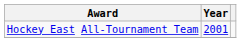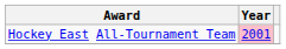 <table class="wikitable">
 <tr>
 <th>Award</th>
 <th>Year</th>
 <th></th>
 </tr>
 <tr>
 <td><a href='#'>Hockey East</a> <a href='#'>All-Tournament Team</a></td>
-<td><a href='#'>2001</a></td>
+<td style="background: pink;"><a href='#'>2001</a></td>
 <td></td>
 </tr>
 <tr>
 </tr>
 </table>
